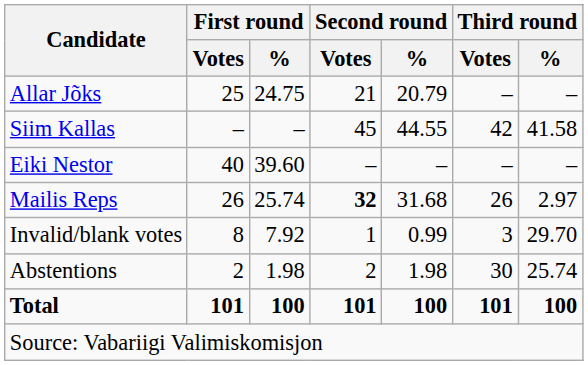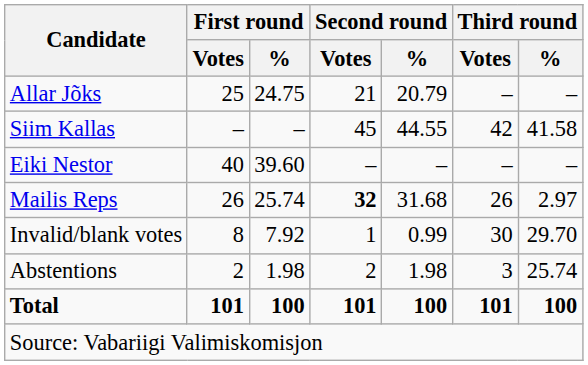 <table class=wikitable style=text-align:right>
 <tr>
 <th rowspan=2>Candidate</th>
 <th colspan=2>First round</th>
 <th colspan=2>Second round</th>
 <th colspan=2>Third round</th>
 </tr>
 <tr>
 <th>Votes</th>
 <th>%</th>
 <th>Votes</th>
 <th>%</th>
 <th>Votes</th>
 <th>%</th>
 </tr>
 <tr>
 <td align=left><a href='#'>Allar Jõks</a></td>
 <td>25</td>
 <td>24.75</td>
 <td>21</td>
 <td>20.79</td>
 <td>–</td>
 <td>–</td>
 </tr>
 <tr>
 <td align=left><a href='#'>Siim Kallas</a></td>
 <td>–</td>
 <td>–</td>
 <td>45</td>
 <td>44.55</td>
 <td>42</td>
 <td>41.58</td>
 </tr>
 <tr>
 <td align=left><a href='#'>Eiki Nestor</a></td>
 <td>40</td>
 <td>39.60</td>
 <td>–</td>
 <td>–</td>
 <td>–</td>
 <td>–</td>
 </tr>
 <tr>
 <td align=left><a href='#'>Mailis Reps</a></td>
 <td>26</td>
 <td>25.74</td>
 <td><strong>32</strong></td>
 <td>31.68</td>
 <td>26</td>
 <td>2.97</td>
 </tr>
 <tr>
 <td align=left>Invalid/blank votes</td>
 <td>8</td>
 <td>7.92</td>
 <td>1</td>
 <td>0.99</td>
-<td>3</td>
+<td>30</td>
 <td>29.70</td>
 </tr>
 <tr>
 <td align=left>Abstentions</td>
 <td>2</td>
 <td>1.98</td>
 <td>2</td>
 <td>1.98</td>
-<td>30</td>
+<td>3</td>
 <td>25.74</td>
 </tr>
 <tr>
 <td align=left><strong>Total</strong></td>
 <td><strong>101</strong></td>
 <td><strong>100</strong></td>
 <td><strong>101</strong></td>
 <td><strong>100</strong></td>
 <td><strong>101</strong></td>
 <td><strong>100</strong></td>
 </tr>
 <tr>
 <td align=left colspan=9>Source: Vabariigi Valimiskomisjon</td>
 </tr>
 </table>
